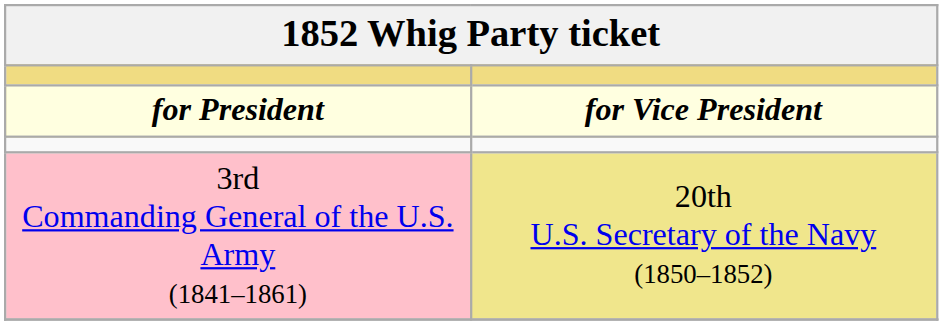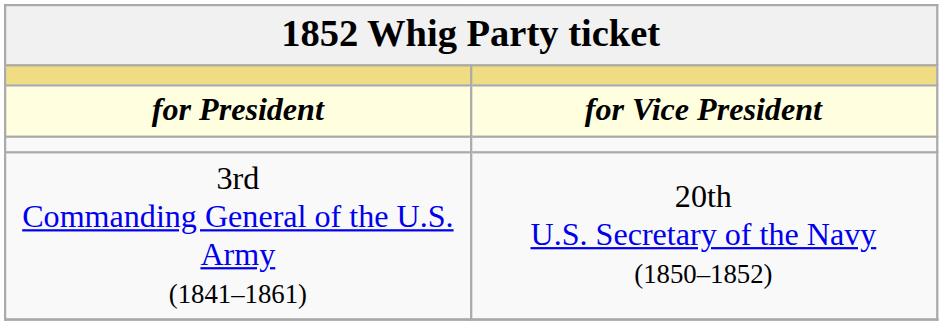 <table class="wikitable" style="font-size:90%; text-align:center;">
 <tr>
 <td style="background:#f1f1f1;" colspan="30"><big><strong>1852 Whig Party ticket</strong></big></td>
 </tr>
 <tr>
 <th style="width:3em; font-size:135%; background:#F0DC82; width:200px;"><a href='#'></a></th>
 <th style="width:3em; font-size:135%; background:#F0DC82; width:200px;"><a href='#'></a></th>
 </tr>
 <tr style="color:#000000; font-size:100%; background:#F0DC82;">
 <td style="width:3em; font-size:100%; color:#000; background:lightyellow; width:200px;"><strong><em>for President</em></strong></td>
 <td style="width:3em; font-size:100%; color:#000; background:lightyellow; width:200px;"><strong><em>for Vice President</em></strong></td>
 </tr>
 <tr>
 <td></td>
 <td></td>
 </tr>
 <tr>
-<td style="background: pink;">3rd<br><a href='#'>Commanding General of the U.S. Army</a><br><small>(1841–1861)</small></td>
-<td style="background: khaki;">20th<br><a href='#'>U.S. Secretary of the Navy</a><br><small>(1850–1852)</small></td>
+<td>3rd<br><a href='#'>Commanding General of the U.S. Army</a><br><small>(1841–1861)</small></td>
+<td>20th<br><a href='#'>U.S. Secretary of the Navy</a><br><small>(1850–1852)</small></td>
 </tr>
 <tr>
 </tr>
 </table>
